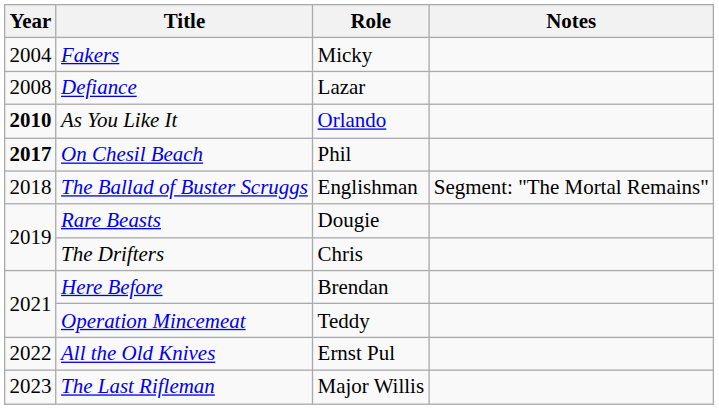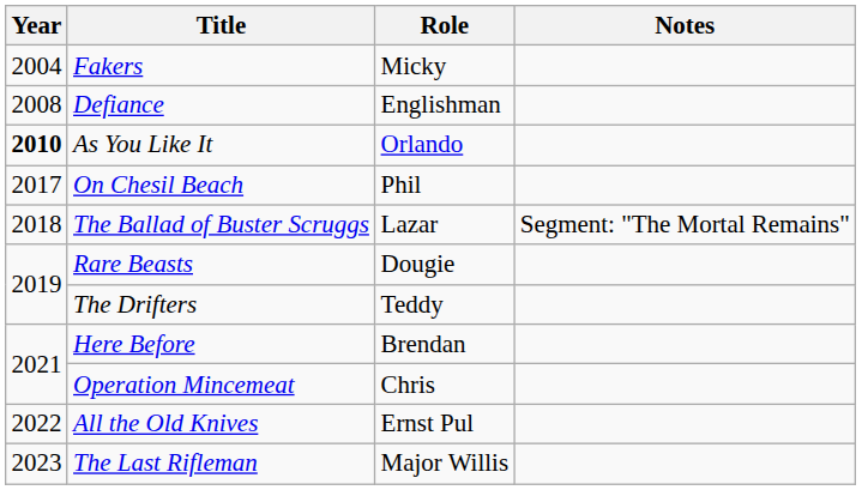 <table class="wikitable sortable">
 <tr>
 <th>Year</th>
 <th>Title</th>
 <th>Role</th>
 <th class="unsortable">Notes</th>
 </tr>
 <tr>
 <td>2004</td>
 <td><em><a href='#'>Fakers</a></em></td>
 <td>Micky</td>
 <td></td>
 </tr>
 <tr>
 <td>2008</td>
 <td><em><a href='#'>Defiance</a></em></td>
-<td>Lazar</td>
+<td>Englishman</td>
 <td></td>
 </tr>
 <tr>
 <td><strong>2010</strong></td>
 <td><em>As You Like It</em></td>
 <td><a href='#'>Orlando</a></td>
 <td></td>
 </tr>
 <tr>
-<td><strong>2017</strong></td>
+<td>2017</td>
 <td><em><a href='#'>On Chesil Beach</a></em></td>
 <td>Phil</td>
 <td></td>
 </tr>
 <tr>
 <td>2018</td>
 <td><em><a href='#'>The Ballad of Buster Scruggs</a></em></td>
-<td>Englishman</td>
+<td>Lazar</td>
 <td>Segment: "The Mortal Remains"</td>
 </tr>
 <tr>
 <td rowspan="2">2019</td>
 <td><em><a href='#'>Rare Beasts</a></em></td>
 <td>Dougie</td>
 <td></td>
 </tr>
 <tr>
 <td><em>The Drifters</em></td>
-<td>Chris</td>
+<td>Teddy</td>
 <td></td>
 </tr>
 <tr>
 <td rowspan="2">2021</td>
 <td><em><a href='#'>Here Before</a></em></td>
 <td>Brendan</td>
 <td></td>
 </tr>
 <tr>
 <td><em><a href='#'>Operation Mincemeat</a></em></td>
-<td>Teddy</td>
+<td>Chris</td>
 <td></td>
 </tr>
 <tr>
 <td>2022</td>
 <td><em><a href='#'>All the Old Knives</a></em></td>
 <td>Ernst Pul</td>
 <td></td>
 </tr>
 <tr>
 <td>2023</td>
 <td><em><a href='#'>The Last Rifleman</a></em></td>
 <td>Major Willis</td>
 <td></td>
 </tr>
 </table>
